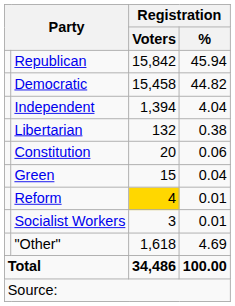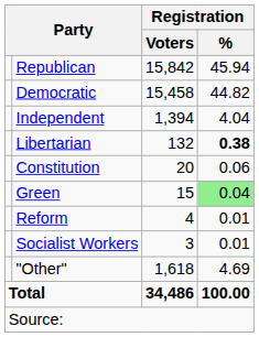 <table class="wikitable">
 <tr>
 <th colspan="2" rowspan="2">Party</th>
 <th colspan="2">Registration</th>
 </tr>
 <tr>
 <th>Voters</th>
 <th>%</th>
 </tr>
 <tr>
 <td style="background-color:"></td>
 <td><a href='#'>Republican</a></td>
 <td style="text-align:right;">15,842</td>
 <td style="text-align:right;">45.94</td>
 </tr>
 <tr>
 <td style="background-color:"></td>
 <td><a href='#'>Democratic</a></td>
 <td style="text-align:right;">15,458</td>
 <td style="text-align:right;">44.82</td>
 </tr>
 <tr>
 <td style="background-color:"></td>
 <td><a href='#'>Independent</a></td>
 <td style="text-align:right;">1,394</td>
 <td style="text-align:right;">4.04</td>
 </tr>
 <tr>
 <td style="background-color:"></td>
 <td><a href='#'>Libertarian</a></td>
 <td style="text-align:right;">132</td>
-<td style="text-align:right;">0.38</td>
+<td style="text-align:right;"><strong>0.38</strong></td>
 </tr>
 <tr>
 <td style="background-color:"></td>
 <td><a href='#'>Constitution</a></td>
 <td style="text-align:right;">20</td>
 <td style="text-align:right;">0.06</td>
 </tr>
 <tr>
 <td style="background-color:"></td>
 <td><a href='#'>Green</a></td>
 <td style="text-align:right;">15</td>
-<td style="text-align:right;">0.04</td>
+<td style="background: lightgreen; text-align:right;">0.04</td>
 </tr>
 <tr>
 <td style="background-color:"></td>
 <td><a href='#'>Reform</a></td>
-<td style="background: gold; text-align:right;">4</td>
+<td style="text-align:right;">4</td>
 <td style="text-align:right;">0.01</td>
 </tr>
 <tr>
 <td style="background-color:"></td>
 <td><a href='#'>Socialist Workers</a></td>
 <td style="text-align:right;">3</td>
 <td style="text-align:right;">0.01</td>
 </tr>
 <tr>
 <td></td>
 <td>"Other"</td>
 <td style="text-align:right;">1,618</td>
 <td style="text-align:right;">4.69</td>
 </tr>
 <tr>
 <td colspan="2"><strong>Total</strong></td>
 <td style="text-align:right;"><strong>34,486</strong></td>
 <td style="text-align:right;"><strong>100.00</strong></td>
 </tr>
 <tr>
 <td colspan="4">Source: <em></em></td>
 </tr>
 </table>
